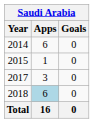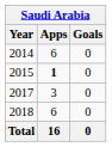 <table class="wikitable" style="text-align:center">
 <tr>
 <th colspan=3><a href='#'>Saudi Arabia</a></th>
 </tr>
 <tr>
 <th>Year</th>
 <th>Apps</th>
 <th>Goals</th>
 </tr>
 <tr>
 <td>2014</td>
 <td>6</td>
 <td>0</td>
 </tr>
 <tr>
 <td>2015</td>
-<td>1</td>
+<td><strong>1</strong></td>
 <td>0</td>
 </tr>
 <tr>
 <td>2017</td>
 <td>3</td>
 <td>0</td>
 </tr>
 <tr>
 <td>2018</td>
-<td style="background: lightblue;">6</td>
+<td>6</td>
 <td>0</td>
 </tr>
 <tr>
 <th>Total</th>
 <th>16</th>
 <th>0</th>
 </tr>
 </table>
